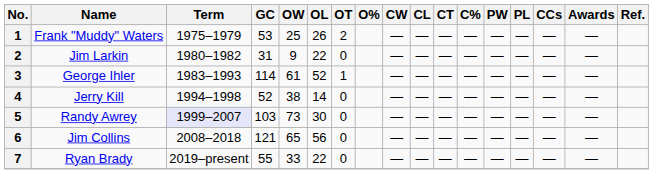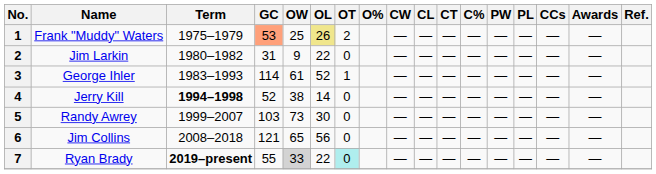 <table class="wikitable sortable">
 <tr>
 <th>No.</th>
 <th>Name</th>
 <th>Term</th>
 <th>GC</th>
 <th>OW</th>
 <th>OL</th>
 <th>OT</th>
 <th>O%</th>
 <th>CW</th>
 <th>CL</th>
 <th>CT</th>
 <th>C%</th>
 <th>PW</th>
 <th>PL</th>
 <th>CCs</th>
 <th class="unsortable">Awards</th>
 <th>Ref.</th>
 </tr>
 <tr>
 <th align="center">1</th>
 <td align="center"><a href='#'>Frank "Muddy" Waters</a></td>
 <td align="center">1975–1979</td>
-<td align="center">53</td>
+<td align="center" style="background: lightsalmon;">53</td>
 <td align="center">25</td>
-<td align="center">26</td>
+<td align="center" style="background: khaki;">26</td>
 <td align="center">2</td>
 <td align="center"></td>
 <td align="center">—</td>
 <td align="center">—</td>
 <td align="center">—</td>
 <td align="center">—</td>
 <td align="center">—</td>
 <td align="center">—</td>
 <td align="center">—</td>
 <td align="center">—</td>
 <td></td>
 </tr>
 <tr>
 <th align="center">2</th>
 <td align="center"><a href='#'>Jim Larkin</a></td>
 <td align="center">1980–1982</td>
 <td align="center">31</td>
 <td align="center">9</td>
 <td align="center">22</td>
 <td align="center">0</td>
 <td align="center"></td>
 <td align="center">—</td>
 <td align="center">—</td>
 <td align="center">—</td>
 <td align="center">—</td>
 <td align="center">—</td>
 <td align="center">—</td>
 <td align="center">—</td>
 <td align="center">—</td>
 <td></td>
 </tr>
 <tr>
 <th align="center">3</th>
 <td align="center"><a href='#'>George Ihler</a></td>
 <td align="center">1983–1993</td>
 <td align="center">114</td>
 <td align="center">61</td>
 <td align="center">52</td>
 <td align="center">1</td>
 <td align="center"></td>
 <td align="center">—</td>
 <td align="center">—</td>
 <td align="center">—</td>
 <td align="center">—</td>
 <td align="center">—</td>
 <td align="center">—</td>
 <td align="center">—</td>
 <td align="center">—</td>
 <td></td>
 </tr>
 <tr>
 <th align="center">4</th>
 <td align="center"><a href='#'>Jerry Kill</a></td>
-<td align="center">1994–1998</td>
+<td align="center"><strong>1994–1998</strong></td>
 <td align="center">52</td>
 <td align="center">38</td>
 <td align="center">14</td>
 <td align="center">0</td>
 <td align="center"></td>
 <td align="center">—</td>
 <td align="center">—</td>
 <td align="center">—</td>
 <td align="center">—</td>
 <td align="center">—</td>
 <td align="center">—</td>
 <td align="center">—</td>
 <td align="center">—</td>
 <td></td>
 </tr>
 <tr>
 <th align="center">5</th>
 <td align="center"><a href='#'>Randy Awrey</a></td>
-<td align="center" style="background: lavender;">1999–2007</td>
+<td align="center">1999–2007</td>
 <td align="center">103</td>
 <td align="center">73</td>
 <td align="center">30</td>
 <td align="center">0</td>
 <td align="center"></td>
 <td align="center">—</td>
 <td align="center">—</td>
 <td align="center">—</td>
 <td align="center">—</td>
 <td align="center">—</td>
 <td align="center">—</td>
 <td align="center">—</td>
 <td align="center">—</td>
 <td></td>
 </tr>
 <tr>
 <th align="center">6</th>
 <td align="center"><a href='#'>Jim Collins</a></td>
 <td align="center">2008–2018</td>
 <td align="center">121</td>
 <td align="center">65</td>
 <td align="center">56</td>
 <td align="center">0</td>
 <td align="center"></td>
 <td align="center">—</td>
 <td align="center">—</td>
 <td align="center">—</td>
 <td align="center">—</td>
 <td align="center">—</td>
 <td align="center">—</td>
 <td align="center">—</td>
 <td align="center">—</td>
 <td></td>
 </tr>
 <tr>
 <th align="center">7</th>
 <td align="center"><a href='#'>Ryan Brady</a></td>
-<td align="center">2019–present</td>
+<td align="center"><strong>2019–present</strong></td>
 <td align="center">55</td>
-<td align="center">33</td>
+<td align="center" style="background: lightgrey;">33</td>
 <td align="center">22</td>
-<td align="center">0</td>
+<td align="center" style="background: paleturquoise;">0</td>
 <td align="center"></td>
 <td align="center">—</td>
 <td align="center">—</td>
 <td align="center">—</td>
 <td align="center">—</td>
 <td align="center">—</td>
 <td align="center">—</td>
 <td align="center">—</td>
 <td align="center">—</td>
 <td></td>
 </tr>
 <tr>
 </tr>
 </table>
